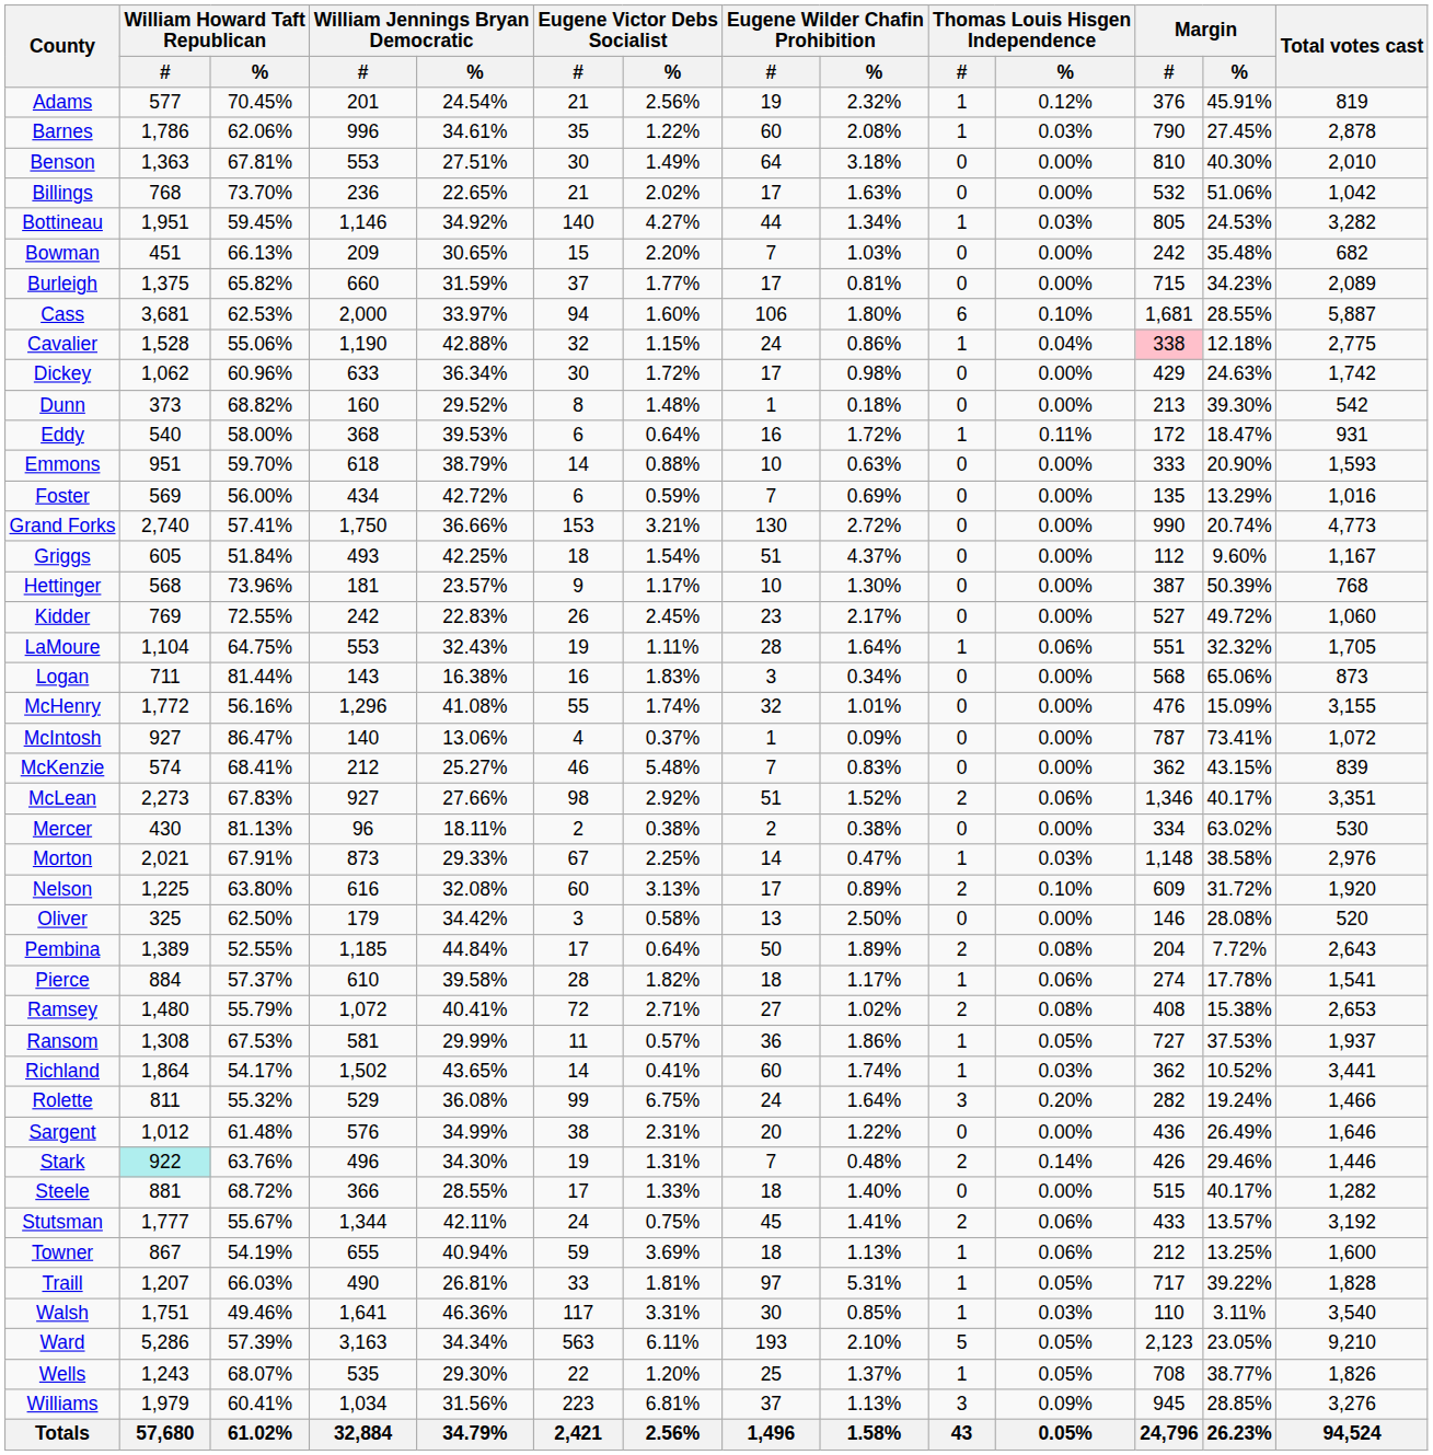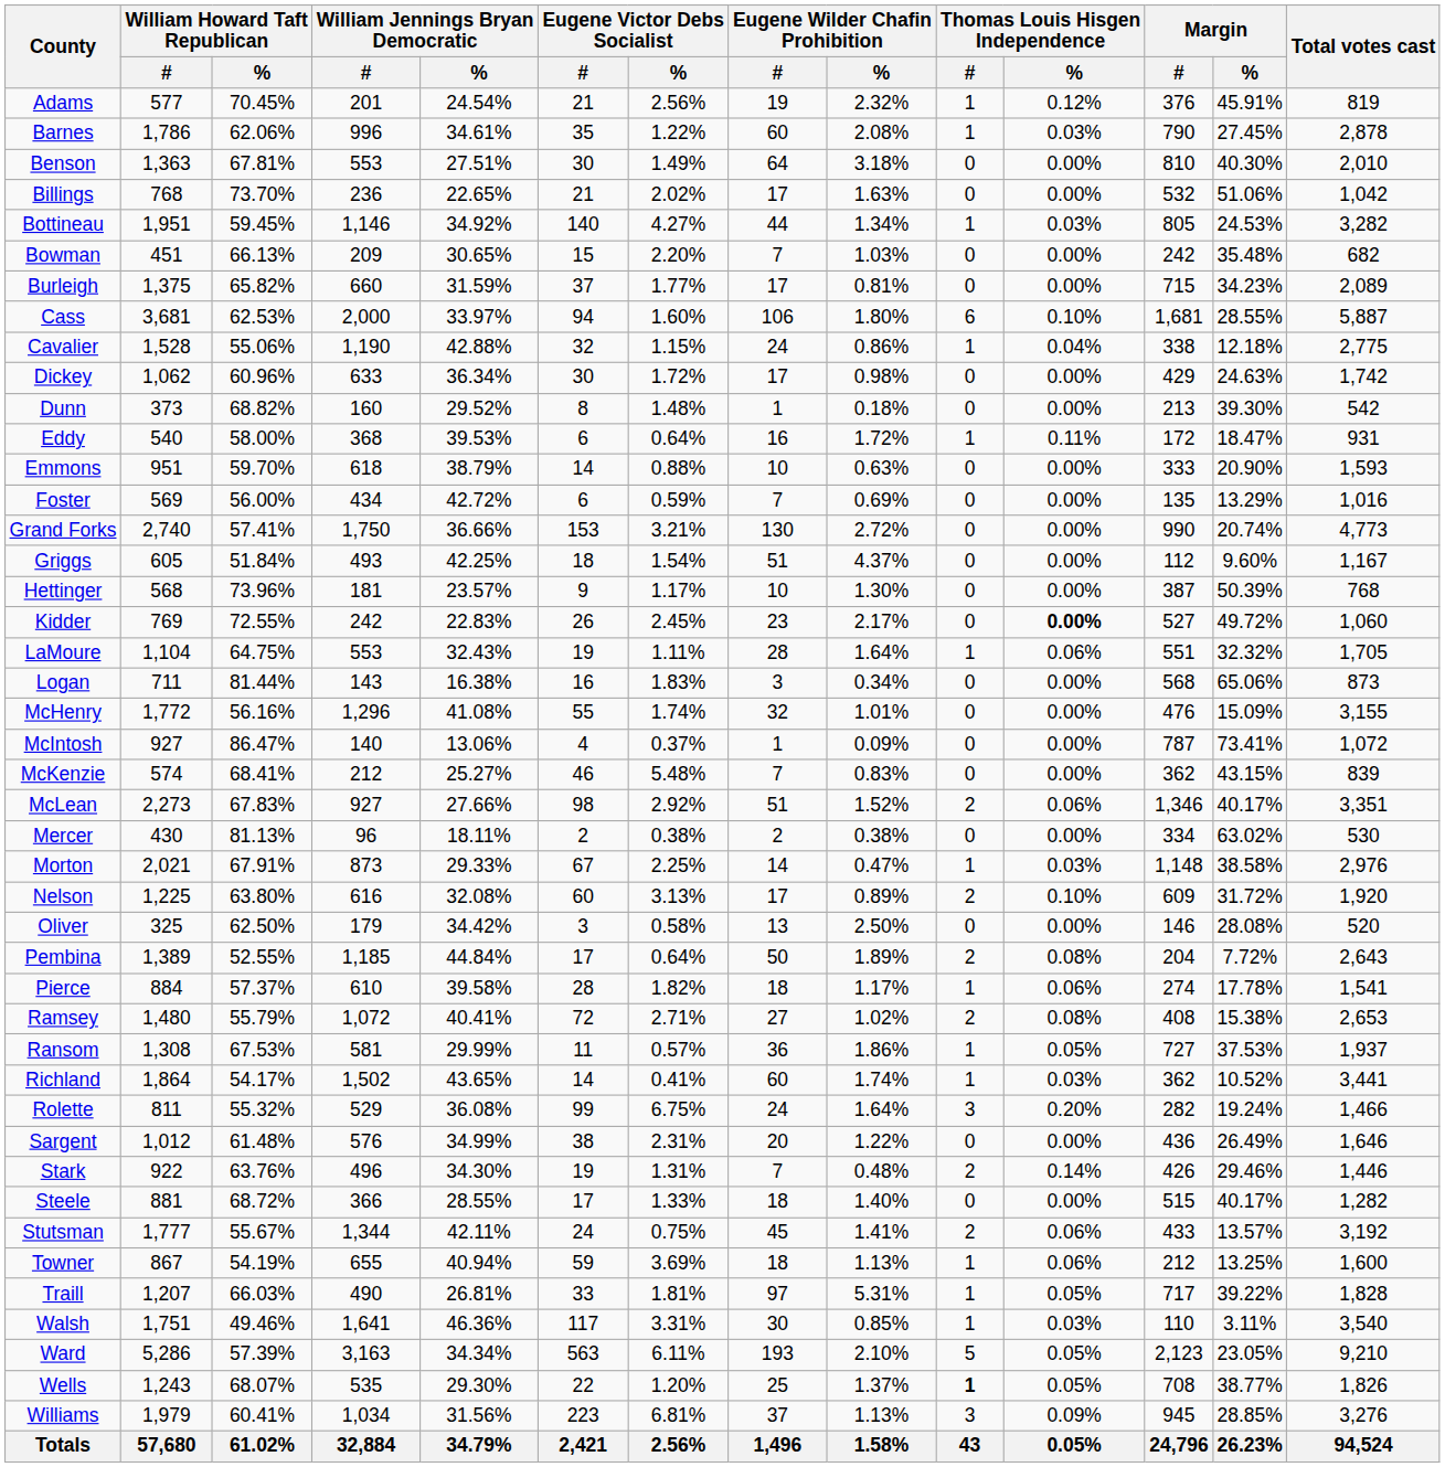 <table class="wikitable sortable">
 <tr>
 <th rowspan="2">County</th>
 <th colspan="2">William Howard Taft<br>Republican</th>
 <th colspan="2">William Jennings Bryan<br>Democratic</th>
 <th colspan="2">Eugene Victor Debs<br>Socialist</th>
 <th colspan="2">Eugene Wilder Chafin<br>Prohibition</th>
 <th colspan="2">Thomas Louis Hisgen<br>Independence</th>
 <th colspan="2">Margin</th>
 <th rowspan="2">Total votes cast</th>
 </tr>
 <tr style="text-align:center;">
 <th data-sort-type="number">#</th>
 <th data-sort-type="number">%</th>
 <th data-sort-type="number">#</th>
 <th data-sort-type="number">%</th>
 <th data-sort-type="number">#</th>
 <th data-sort-type="number">%</th>
 <th data-sort-type="number">#</th>
 <th data-sort-type="number">%</th>
 <th data-sort-type="number">#</th>
 <th data-sort-type="number">%</th>
 <th data-sort-type="number">#</th>
 <th data-sort-type="number">%</th>
 </tr>
 <tr style="text-align:center;">
 <td><a href='#'>Adams</a></td>
 <td>577</td>
 <td>70.45%</td>
 <td>201</td>
 <td>24.54%</td>
 <td>21</td>
 <td>2.56%</td>
 <td>19</td>
 <td>2.32%</td>
 <td>1</td>
 <td>0.12%</td>
 <td>376</td>
 <td>45.91%</td>
 <td>819</td>
 </tr>
 <tr style="text-align:center;">
 <td><a href='#'>Barnes</a></td>
 <td>1,786</td>
 <td>62.06%</td>
 <td>996</td>
 <td>34.61%</td>
 <td>35</td>
 <td>1.22%</td>
 <td>60</td>
 <td>2.08%</td>
 <td>1</td>
 <td>0.03%</td>
 <td>790</td>
 <td>27.45%</td>
 <td>2,878</td>
 </tr>
 <tr style="text-align:center;">
 <td><a href='#'>Benson</a></td>
 <td>1,363</td>
 <td>67.81%</td>
 <td>553</td>
 <td>27.51%</td>
 <td>30</td>
 <td>1.49%</td>
 <td>64</td>
 <td>3.18%</td>
 <td>0</td>
 <td>0.00%</td>
 <td>810</td>
 <td>40.30%</td>
 <td>2,010</td>
 </tr>
 <tr style="text-align:center;">
 <td><a href='#'>Billings</a></td>
 <td>768</td>
 <td>73.70%</td>
 <td>236</td>
 <td>22.65%</td>
 <td>21</td>
 <td>2.02%</td>
 <td>17</td>
 <td>1.63%</td>
 <td>0</td>
 <td>0.00%</td>
 <td>532</td>
 <td>51.06%</td>
 <td>1,042</td>
 </tr>
 <tr style="text-align:center;">
 <td><a href='#'>Bottineau</a></td>
 <td>1,951</td>
 <td>59.45%</td>
 <td>1,146</td>
 <td>34.92%</td>
 <td>140</td>
 <td>4.27%</td>
 <td>44</td>
 <td>1.34%</td>
 <td>1</td>
 <td>0.03%</td>
 <td>805</td>
 <td>24.53%</td>
 <td>3,282</td>
 </tr>
 <tr style="text-align:center;">
 <td><a href='#'>Bowman</a></td>
 <td>451</td>
 <td>66.13%</td>
 <td>209</td>
 <td>30.65%</td>
 <td>15</td>
 <td>2.20%</td>
 <td>7</td>
 <td>1.03%</td>
 <td>0</td>
 <td>0.00%</td>
 <td>242</td>
 <td>35.48%</td>
 <td>682</td>
 </tr>
 <tr style="text-align:center;">
 <td><a href='#'>Burleigh</a></td>
 <td>1,375</td>
 <td>65.82%</td>
 <td>660</td>
 <td>31.59%</td>
 <td>37</td>
 <td>1.77%</td>
 <td>17</td>
 <td>0.81%</td>
 <td>0</td>
 <td>0.00%</td>
 <td>715</td>
 <td>34.23%</td>
 <td>2,089</td>
 </tr>
 <tr style="text-align:center;">
 <td><a href='#'>Cass</a></td>
 <td>3,681</td>
 <td>62.53%</td>
 <td>2,000</td>
 <td>33.97%</td>
 <td>94</td>
 <td>1.60%</td>
 <td>106</td>
 <td>1.80%</td>
 <td>6</td>
 <td>0.10%</td>
 <td>1,681</td>
 <td>28.55%</td>
 <td>5,887</td>
 </tr>
 <tr style="text-align:center;">
 <td><a href='#'>Cavalier</a></td>
 <td>1,528</td>
 <td>55.06%</td>
 <td>1,190</td>
 <td>42.88%</td>
 <td>32</td>
 <td>1.15%</td>
 <td>24</td>
 <td>0.86%</td>
 <td>1</td>
 <td>0.04%</td>
-<td style="background: pink;">338</td>
+<td>338</td>
 <td>12.18%</td>
 <td>2,775</td>
 </tr>
 <tr style="text-align:center;">
 <td><a href='#'>Dickey</a></td>
 <td>1,062</td>
 <td>60.96%</td>
 <td>633</td>
 <td>36.34%</td>
 <td>30</td>
 <td>1.72%</td>
 <td>17</td>
 <td>0.98%</td>
 <td>0</td>
 <td>0.00%</td>
 <td>429</td>
 <td>24.63%</td>
 <td>1,742</td>
 </tr>
 <tr style="text-align:center;">
 <td><a href='#'>Dunn</a></td>
 <td>373</td>
 <td>68.82%</td>
 <td>160</td>
 <td>29.52%</td>
 <td>8</td>
 <td>1.48%</td>
 <td>1</td>
 <td>0.18%</td>
 <td>0</td>
 <td>0.00%</td>
 <td>213</td>
 <td>39.30%</td>
 <td>542</td>
 </tr>
 <tr style="text-align:center;">
 <td><a href='#'>Eddy</a></td>
 <td>540</td>
 <td>58.00%</td>
 <td>368</td>
 <td>39.53%</td>
 <td>6</td>
 <td>0.64%</td>
 <td>16</td>
 <td>1.72%</td>
 <td>1</td>
 <td>0.11%</td>
 <td>172</td>
 <td>18.47%</td>
 <td>931</td>
 </tr>
 <tr style="text-align:center;">
 <td><a href='#'>Emmons</a></td>
 <td>951</td>
 <td>59.70%</td>
 <td>618</td>
 <td>38.79%</td>
 <td>14</td>
 <td>0.88%</td>
 <td>10</td>
 <td>0.63%</td>
 <td>0</td>
 <td>0.00%</td>
 <td>333</td>
 <td>20.90%</td>
 <td>1,593</td>
 </tr>
 <tr style="text-align:center;">
 <td><a href='#'>Foster</a></td>
 <td>569</td>
 <td>56.00%</td>
 <td>434</td>
 <td>42.72%</td>
 <td>6</td>
 <td>0.59%</td>
 <td>7</td>
 <td>0.69%</td>
 <td>0</td>
 <td>0.00%</td>
 <td>135</td>
 <td>13.29%</td>
 <td>1,016</td>
 </tr>
 <tr style="text-align:center;">
 <td><a href='#'>Grand Forks</a></td>
 <td>2,740</td>
 <td>57.41%</td>
 <td>1,750</td>
 <td>36.66%</td>
 <td>153</td>
 <td>3.21%</td>
 <td>130</td>
 <td>2.72%</td>
 <td>0</td>
 <td>0.00%</td>
 <td>990</td>
 <td>20.74%</td>
 <td>4,773</td>
 </tr>
 <tr style="text-align:center;">
 <td><a href='#'>Griggs</a></td>
 <td>605</td>
 <td>51.84%</td>
 <td>493</td>
 <td>42.25%</td>
 <td>18</td>
 <td>1.54%</td>
 <td>51</td>
 <td>4.37%</td>
 <td>0</td>
 <td>0.00%</td>
 <td>112</td>
 <td>9.60%</td>
 <td>1,167</td>
 </tr>
 <tr style="text-align:center;">
 <td><a href='#'>Hettinger</a></td>
 <td>568</td>
 <td>73.96%</td>
 <td>181</td>
 <td>23.57%</td>
 <td>9</td>
 <td>1.17%</td>
 <td>10</td>
 <td>1.30%</td>
 <td>0</td>
 <td>0.00%</td>
 <td>387</td>
 <td>50.39%</td>
 <td>768</td>
 </tr>
 <tr style="text-align:center;">
 <td><a href='#'>Kidder</a></td>
 <td>769</td>
 <td>72.55%</td>
 <td>242</td>
 <td>22.83%</td>
 <td>26</td>
 <td>2.45%</td>
 <td>23</td>
 <td>2.17%</td>
 <td>0</td>
-<td>0.00%</td>
+<td><strong>0.00%</strong></td>
 <td>527</td>
 <td>49.72%</td>
 <td>1,060</td>
 </tr>
 <tr style="text-align:center;">
 <td><a href='#'>LaMoure</a></td>
 <td>1,104</td>
 <td>64.75%</td>
 <td>553</td>
 <td>32.43%</td>
 <td>19</td>
 <td>1.11%</td>
 <td>28</td>
 <td>1.64%</td>
 <td>1</td>
 <td>0.06%</td>
 <td>551</td>
 <td>32.32%</td>
 <td>1,705</td>
 </tr>
 <tr style="text-align:center;">
 <td><a href='#'>Logan</a></td>
 <td>711</td>
 <td>81.44%</td>
 <td>143</td>
 <td>16.38%</td>
 <td>16</td>
 <td>1.83%</td>
 <td>3</td>
 <td>0.34%</td>
 <td>0</td>
 <td>0.00%</td>
 <td>568</td>
 <td>65.06%</td>
 <td>873</td>
 </tr>
 <tr style="text-align:center;">
 <td><a href='#'>McHenry</a></td>
 <td>1,772</td>
 <td>56.16%</td>
 <td>1,296</td>
 <td>41.08%</td>
 <td>55</td>
 <td>1.74%</td>
 <td>32</td>
 <td>1.01%</td>
 <td>0</td>
 <td>0.00%</td>
 <td>476</td>
 <td>15.09%</td>
 <td>3,155</td>
 </tr>
 <tr style="text-align:center;">
 <td><a href='#'>McIntosh</a></td>
 <td>927</td>
 <td>86.47%</td>
 <td>140</td>
 <td>13.06%</td>
 <td>4</td>
 <td>0.37%</td>
 <td>1</td>
 <td>0.09%</td>
 <td>0</td>
 <td>0.00%</td>
 <td>787</td>
 <td>73.41%</td>
 <td>1,072</td>
 </tr>
 <tr style="text-align:center;">
 <td><a href='#'>McKenzie</a></td>
 <td>574</td>
 <td>68.41%</td>
 <td>212</td>
 <td>25.27%</td>
 <td>46</td>
 <td>5.48%</td>
 <td>7</td>
 <td>0.83%</td>
 <td>0</td>
 <td>0.00%</td>
 <td>362</td>
 <td>43.15%</td>
 <td>839</td>
 </tr>
 <tr style="text-align:center;">
 <td><a href='#'>McLean</a></td>
 <td>2,273</td>
 <td>67.83%</td>
 <td>927</td>
 <td>27.66%</td>
 <td>98</td>
 <td>2.92%</td>
 <td>51</td>
 <td>1.52%</td>
 <td>2</td>
 <td>0.06%</td>
 <td>1,346</td>
 <td>40.17%</td>
 <td>3,351</td>
 </tr>
 <tr style="text-align:center;">
 <td><a href='#'>Mercer</a></td>
 <td>430</td>
 <td>81.13%</td>
 <td>96</td>
 <td>18.11%</td>
 <td>2</td>
 <td>0.38%</td>
 <td>2</td>
 <td>0.38%</td>
 <td>0</td>
 <td>0.00%</td>
 <td>334</td>
 <td>63.02%</td>
 <td>530</td>
 </tr>
 <tr style="text-align:center;">
 <td><a href='#'>Morton</a></td>
 <td>2,021</td>
 <td>67.91%</td>
 <td>873</td>
 <td>29.33%</td>
 <td>67</td>
 <td>2.25%</td>
 <td>14</td>
 <td>0.47%</td>
 <td>1</td>
 <td>0.03%</td>
 <td>1,148</td>
 <td>38.58%</td>
 <td>2,976</td>
 </tr>
 <tr style="text-align:center;">
 <td><a href='#'>Nelson</a></td>
 <td>1,225</td>
 <td>63.80%</td>
 <td>616</td>
 <td>32.08%</td>
 <td>60</td>
 <td>3.13%</td>
 <td>17</td>
 <td>0.89%</td>
 <td>2</td>
 <td>0.10%</td>
 <td>609</td>
 <td>31.72%</td>
 <td>1,920</td>
 </tr>
 <tr style="text-align:center;">
 <td><a href='#'>Oliver</a></td>
 <td>325</td>
 <td>62.50%</td>
 <td>179</td>
 <td>34.42%</td>
 <td>3</td>
 <td>0.58%</td>
 <td>13</td>
 <td>2.50%</td>
 <td>0</td>
 <td>0.00%</td>
 <td>146</td>
 <td>28.08%</td>
 <td>520</td>
 </tr>
 <tr style="text-align:center;">
 <td><a href='#'>Pembina</a></td>
 <td>1,389</td>
 <td>52.55%</td>
 <td>1,185</td>
 <td>44.84%</td>
 <td>17</td>
 <td>0.64%</td>
 <td>50</td>
 <td>1.89%</td>
 <td>2</td>
 <td>0.08%</td>
 <td>204</td>
 <td>7.72%</td>
 <td>2,643</td>
 </tr>
 <tr style="text-align:center;">
 <td><a href='#'>Pierce</a></td>
 <td>884</td>
 <td>57.37%</td>
 <td>610</td>
 <td>39.58%</td>
 <td>28</td>
 <td>1.82%</td>
 <td>18</td>
 <td>1.17%</td>
 <td>1</td>
 <td>0.06%</td>
 <td>274</td>
 <td>17.78%</td>
 <td>1,541</td>
 </tr>
 <tr style="text-align:center;">
 <td><a href='#'>Ramsey</a></td>
 <td>1,480</td>
 <td>55.79%</td>
 <td>1,072</td>
 <td>40.41%</td>
 <td>72</td>
 <td>2.71%</td>
 <td>27</td>
 <td>1.02%</td>
 <td>2</td>
 <td>0.08%</td>
 <td>408</td>
 <td>15.38%</td>
 <td>2,653</td>
 </tr>
 <tr style="text-align:center;">
 <td><a href='#'>Ransom</a></td>
 <td>1,308</td>
 <td>67.53%</td>
 <td>581</td>
 <td>29.99%</td>
 <td>11</td>
 <td>0.57%</td>
 <td>36</td>
 <td>1.86%</td>
 <td>1</td>
 <td>0.05%</td>
 <td>727</td>
 <td>37.53%</td>
 <td>1,937</td>
 </tr>
 <tr style="text-align:center;">
 <td><a href='#'>Richland</a></td>
 <td>1,864</td>
 <td>54.17%</td>
 <td>1,502</td>
 <td>43.65%</td>
 <td>14</td>
 <td>0.41%</td>
 <td>60</td>
 <td>1.74%</td>
 <td>1</td>
 <td>0.03%</td>
 <td>362</td>
 <td>10.52%</td>
 <td>3,441</td>
 </tr>
 <tr style="text-align:center;">
 <td><a href='#'>Rolette</a></td>
 <td>811</td>
 <td>55.32%</td>
 <td>529</td>
 <td>36.08%</td>
 <td>99</td>
 <td>6.75%</td>
 <td>24</td>
 <td>1.64%</td>
 <td>3</td>
 <td>0.20%</td>
 <td>282</td>
 <td>19.24%</td>
 <td>1,466</td>
 </tr>
 <tr style="text-align:center;">
 <td><a href='#'>Sargent</a></td>
 <td>1,012</td>
 <td>61.48%</td>
 <td>576</td>
 <td>34.99%</td>
 <td>38</td>
 <td>2.31%</td>
 <td>20</td>
 <td>1.22%</td>
 <td>0</td>
 <td>0.00%</td>
 <td>436</td>
 <td>26.49%</td>
 <td>1,646</td>
 </tr>
 <tr style="text-align:center;">
 <td><a href='#'>Stark</a></td>
-<td style="background: paleturquoise;">922</td>
+<td>922</td>
 <td>63.76%</td>
 <td>496</td>
 <td>34.30%</td>
 <td>19</td>
 <td>1.31%</td>
 <td>7</td>
 <td>0.48%</td>
 <td>2</td>
 <td>0.14%</td>
 <td>426</td>
 <td>29.46%</td>
 <td>1,446</td>
 </tr>
 <tr style="text-align:center;">
 <td><a href='#'>Steele</a></td>
 <td>881</td>
 <td>68.72%</td>
 <td>366</td>
 <td>28.55%</td>
 <td>17</td>
 <td>1.33%</td>
 <td>18</td>
 <td>1.40%</td>
 <td>0</td>
 <td>0.00%</td>
 <td>515</td>
 <td>40.17%</td>
 <td>1,282</td>
 </tr>
 <tr style="text-align:center;">
 <td><a href='#'>Stutsman</a></td>
 <td>1,777</td>
 <td>55.67%</td>
 <td>1,344</td>
 <td>42.11%</td>
 <td>24</td>
 <td>0.75%</td>
 <td>45</td>
 <td>1.41%</td>
 <td>2</td>
 <td>0.06%</td>
 <td>433</td>
 <td>13.57%</td>
 <td>3,192</td>
 </tr>
 <tr style="text-align:center;">
 <td><a href='#'>Towner</a></td>
 <td>867</td>
 <td>54.19%</td>
 <td>655</td>
 <td>40.94%</td>
 <td>59</td>
 <td>3.69%</td>
 <td>18</td>
 <td>1.13%</td>
 <td>1</td>
 <td>0.06%</td>
 <td>212</td>
 <td>13.25%</td>
 <td>1,600</td>
 </tr>
 <tr style="text-align:center;">
 <td><a href='#'>Traill</a></td>
 <td>1,207</td>
 <td>66.03%</td>
 <td>490</td>
 <td>26.81%</td>
 <td>33</td>
 <td>1.81%</td>
 <td>97</td>
 <td>5.31%</td>
 <td>1</td>
 <td>0.05%</td>
 <td>717</td>
 <td>39.22%</td>
 <td>1,828</td>
 </tr>
 <tr style="text-align:center;">
 <td><a href='#'>Walsh</a></td>
 <td>1,751</td>
 <td>49.46%</td>
 <td>1,641</td>
 <td>46.36%</td>
 <td>117</td>
 <td>3.31%</td>
 <td>30</td>
 <td>0.85%</td>
 <td>1</td>
 <td>0.03%</td>
 <td>110</td>
 <td>3.11%</td>
 <td>3,540</td>
 </tr>
 <tr style="text-align:center;">
 <td><a href='#'>Ward</a></td>
 <td>5,286</td>
 <td>57.39%</td>
 <td>3,163</td>
 <td>34.34%</td>
 <td>563</td>
 <td>6.11%</td>
 <td>193</td>
 <td>2.10%</td>
 <td>5</td>
 <td>0.05%</td>
 <td>2,123</td>
 <td>23.05%</td>
 <td>9,210</td>
 </tr>
 <tr style="text-align:center;">
 <td><a href='#'>Wells</a></td>
 <td>1,243</td>
 <td>68.07%</td>
 <td>535</td>
 <td>29.30%</td>
 <td>22</td>
 <td>1.20%</td>
 <td>25</td>
 <td>1.37%</td>
-<td>1</td>
+<td><strong>1</strong></td>
 <td>0.05%</td>
 <td>708</td>
 <td>38.77%</td>
 <td>1,826</td>
 </tr>
 <tr style="text-align:center;">
 <td><a href='#'>Williams</a></td>
 <td>1,979</td>
 <td>60.41%</td>
 <td>1,034</td>
 <td>31.56%</td>
 <td>223</td>
 <td>6.81%</td>
 <td>37</td>
 <td>1.13%</td>
 <td>3</td>
 <td>0.09%</td>
 <td>945</td>
 <td>28.85%</td>
 <td>3,276</td>
 </tr>
 <tr>
 <th>Totals</th>
 <th>57,680</th>
 <th>61.02%</th>
 <th>32,884</th>
 <th>34.79%</th>
 <th>2,421</th>
 <th>2.56%</th>
 <th>1,496</th>
 <th>1.58%</th>
 <th>43</th>
 <th>0.05%</th>
 <th>24,796</th>
 <th>26.23%</th>
 <th>94,524</th>
 </tr>
 </table>
